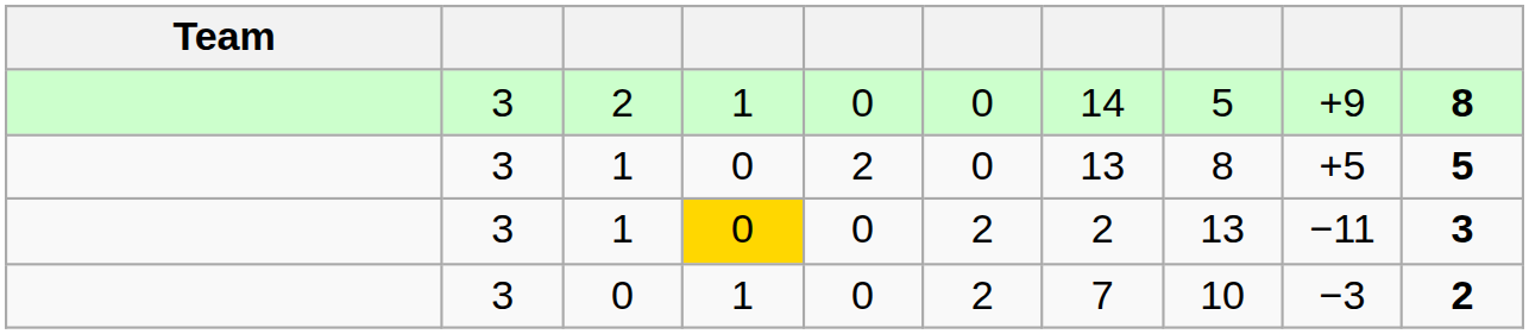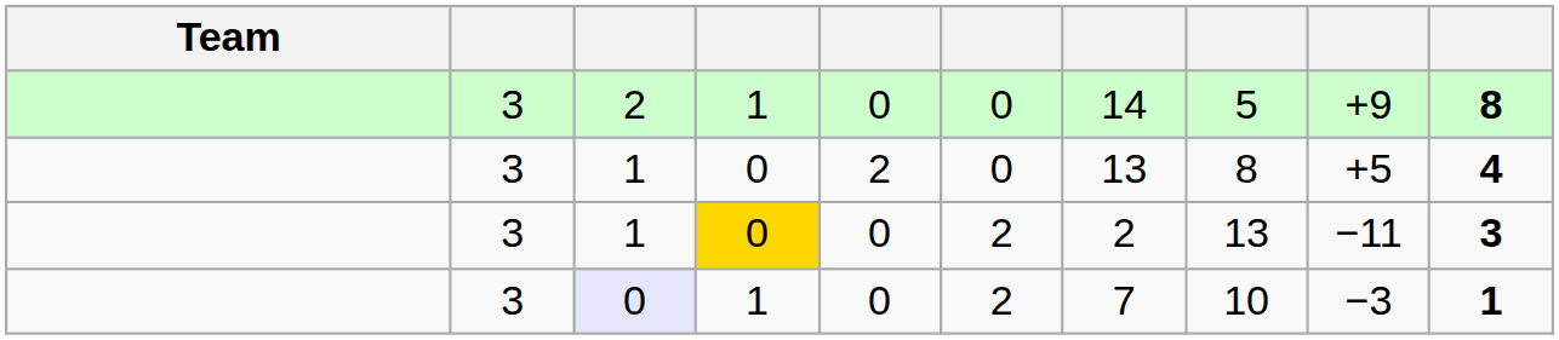 <table class="wikitable" style="text-align:center;">
 <tr>
 <th width=165>Team</th>
 <th width=40></th>
 <th width=40></th>
 <th width=40></th>
 <th width=40></th>
 <th width=40></th>
 <th width=40></th>
 <th width=40></th>
 <th width=40></th>
 <th width=40></th>
 </tr>
 <tr bgcolor=ccffcc>
 <td style="text-align:left;"></td>
 <td>3</td>
 <td>2</td>
 <td>1</td>
 <td>0</td>
 <td>0</td>
 <td>14</td>
 <td>5</td>
 <td>+9</td>
 <td><strong>8</strong></td>
 </tr>
 <tr>
 <td style="text-align:left;"></td>
 <td>3</td>
 <td>1</td>
 <td>0</td>
 <td>2</td>
 <td>0</td>
 <td>13</td>
 <td>8</td>
 <td>+5</td>
-<td><strong>5</strong></td>
+<td><strong>4</strong></td>
 </tr>
 <tr>
 <td style="text-align:left;"></td>
 <td>3</td>
 <td>1</td>
 <td style="background: gold;">0</td>
 <td>0</td>
 <td>2</td>
 <td>2</td>
 <td>13</td>
 <td>−11</td>
 <td><strong>3</strong></td>
 </tr>
 <tr>
 <td style="text-align:left;"></td>
 <td>3</td>
-<td>0</td>
+<td style="background: lavender;">0</td>
 <td>1</td>
 <td>0</td>
 <td>2</td>
 <td>7</td>
 <td>10</td>
 <td>−3</td>
-<td><strong>2</strong></td>
+<td><strong>1</strong></td>
 </tr>
 </table>
